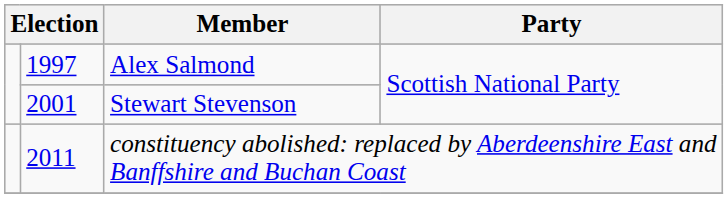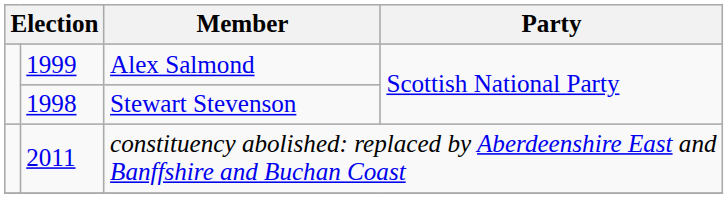 <table class="wikitable">
 <tr>
 <th colspan="2">Election</th>
 <th>Member</th>
 <th>Party</th>
 </tr>
 <tr>
 <td rowspan="2" style="background-color: "></td>
-<td><a href='#'>1997</a></td>
+<td><a href='#'>1999</a></td>
 <td><a href='#'>Alex Salmond</a></td>
 <td rowspan="2"><a href='#'>Scottish National Party</a></td>
 </tr>
 <tr>
-<td><a href='#'>2001</a></td>
+<td><a href='#'>1998</a></td>
 <td><a href='#'>Stewart Stevenson</a></td>
 </tr>
 <tr>
 <td style="background-color:"></td>
 <td><a href='#'>2011</a></td>
 <td colspan="3"><em>constituency abolished: replaced by <a href='#'>Aberdeenshire East</a> and<br><a href='#'>Banffshire and Buchan Coast</a></em></td>
 </tr>
 <tr>
 </tr>
 </table>
